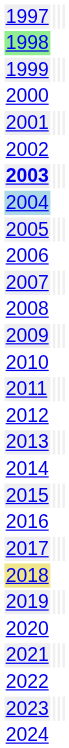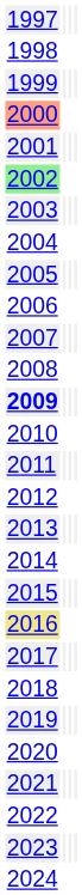 <table>
 <tr bgcolor="#EFEFEF">
 <td><a href='#'>1997</a></td>
 <td></td>
 <td></td>
 <td></td>
 </tr>
 <tr>
-<td style="background: lightgreen;"><a href='#'>1998</a></td>
+<td><a href='#'>1998</a></td>
 <td></td>
 <td></td>
 <td></td>
 </tr>
 <tr bgcolor="#EFEFEF">
 <td><a href='#'>1999</a></td>
 <td></td>
 <td></td>
 <td></td>
 </tr>
 <tr>
-<td><a href='#'>2000</a></td>
+<td style="background: lightsalmon;"><a href='#'>2000</a></td>
 <td></td>
 <td></td>
 <td></td>
 </tr>
 <tr bgcolor="#EFEFEF">
 <td><a href='#'>2001</a></td>
 <td></td>
 <td></td>
 <td></td>
 </tr>
 <tr>
-<td><a href='#'>2002</a></td>
+<td style="background: lightgreen;"><a href='#'>2002</a></td>
 <td></td>
 <td></td>
 <td></td>
 </tr>
 <tr bgcolor="#EFEFEF">
-<td><strong><a href='#'>2003</a></strong></td>
+<td><a href='#'>2003</a></td>
 <td></td>
 <td></td>
 <td></td>
 </tr>
 <tr>
-<td style="background: lightblue;"><a href='#'>2004</a></td>
+<td><a href='#'>2004</a></td>
 <td></td>
 <td></td>
 <td></td>
 </tr>
 <tr bgcolor="#EFEFEF">
 <td><a href='#'>2005</a></td>
 <td></td>
 <td></td>
 <td></td>
 </tr>
 <tr>
 <td><a href='#'>2006</a></td>
 <td></td>
 <td></td>
 <td></td>
 </tr>
 <tr bgcolor="#EFEFEF">
 <td><a href='#'>2007</a><br></td>
 <td></td>
 <td></td>
 <td></td>
 </tr>
 <tr>
 <td><a href='#'>2008</a><br></td>
 <td></td>
 <td></td>
 <td></td>
 </tr>
 <tr bgcolor="#EFEFEF">
-<td><a href='#'>2009</a><br></td>
+<td><strong><a href='#'>2009</a><br></strong></td>
 <td></td>
 <td></td>
 <td></td>
 </tr>
 <tr>
 <td><a href='#'>2010</a><br></td>
 <td></td>
 <td></td>
 <td></td>
 </tr>
 <tr bgcolor="#EFEFEF">
 <td><a href='#'>2011</a></td>
 <td></td>
 <td></td>
 <td></td>
 </tr>
 <tr>
 <td><a href='#'>2012</a></td>
 <td></td>
 <td></td>
 <td></td>
 </tr>
 <tr bgcolor="#EFEFEF">
 <td><a href='#'>2013</a><br></td>
 <td></td>
 <td></td>
 <td></td>
 </tr>
 <tr>
 <td><a href='#'>2014</a><br></td>
 <td></td>
 <td></td>
 <td></td>
 </tr>
 <tr bgcolor="#EFEFEF">
 <td><a href='#'>2015</a><br></td>
 <td></td>
 <td></td>
 <td></td>
 </tr>
 <tr>
-<td><a href='#'>2016</a></td>
+<td style="background: khaki;"><a href='#'>2016</a></td>
 <td></td>
 <td></td>
 <td></td>
 </tr>
 <tr bgcolor="#EFEFEF">
 <td><a href='#'>2017</a></td>
 <td></td>
 <td></td>
 <td></td>
 </tr>
 <tr>
-<td style="background: khaki;"><a href='#'>2018</a></td>
+<td><a href='#'>2018</a></td>
 <td></td>
 <td></td>
 <td></td>
 </tr>
 <tr bgcolor="#EFEFEF">
 <td><a href='#'>2019</a></td>
 <td></td>
 <td></td>
 <td></td>
 </tr>
 <tr>
 <td><a href='#'>2020</a></td>
 <td></td>
 <td></td>
 <td></td>
 </tr>
 <tr bgcolor="#EFEFEF">
 <td><a href='#'>2021</a></td>
 <td></td>
 <td></td>
 <td></td>
 </tr>
 <tr>
 <td><a href='#'>2022</a></td>
 <td></td>
 <td></td>
 <td></td>
 </tr>
 <tr bgcolor="#EFEFEF">
 <td><a href='#'>2023</a></td>
 <td></td>
 <td></td>
 <td></td>
 </tr>
 <tr>
 <td><a href='#'>2024</a></td>
 <td></td>
 <td></td>
 <td></td>
 </tr>
 </table>
